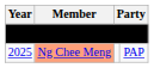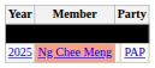 <table class="wikitable" align="center" style="text-align:center">
 <tr>
 <th>Year</th>
 <th>Member</th>
 <th colspan="2">Party</th>
 </tr>
 <tr>
 <td colspan=4 bgcolor=black><span><strong>Formation</strong></span></td>
 </tr>
 <tr>
 <td><a href='#'>2025</a></td>
 <td style="background: lightsalmon;"><a href='#'>Ng Chee Meng</a></td>
 <td></td>
-<td rowspan="1"><a href='#'>PAP</a></td>
+<td rowspan="1" style="background: lightyellow;"><a href='#'>PAP</a></td>
 </tr>
 </table>
